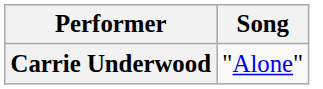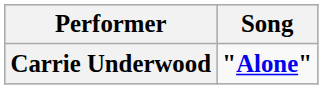 <table class="wikitable unsortable" style="text-align:center;">
 <tr>
 <th scope="col">Performer</th>
 <th scope="col">Song</th>
 </tr>
 <tr>
 <th scope="row">Carrie Underwood</th>
-<td>"<a href='#'>Alone</a>"</td>
+<td><strong>"<a href='#'>Alone</a>"</strong></td>
 </tr>
 </table>
